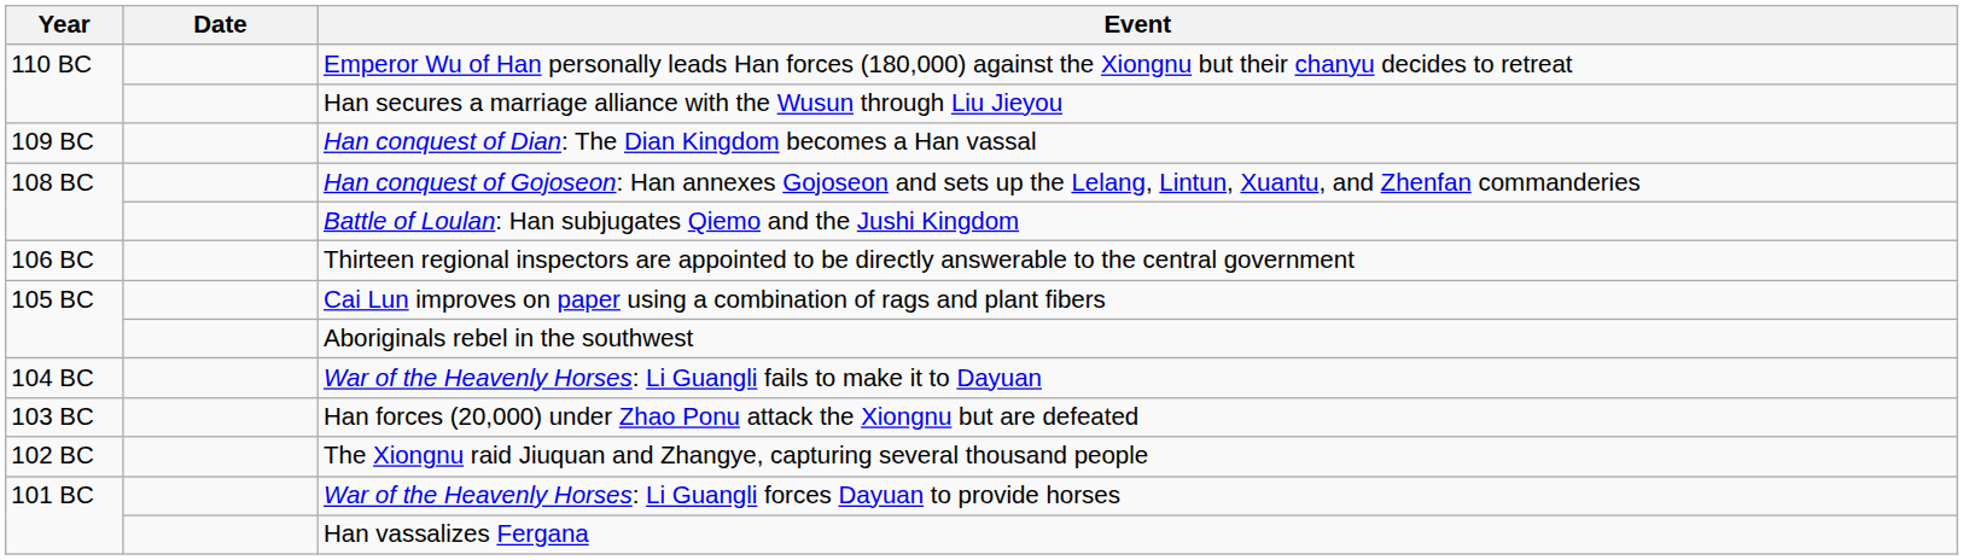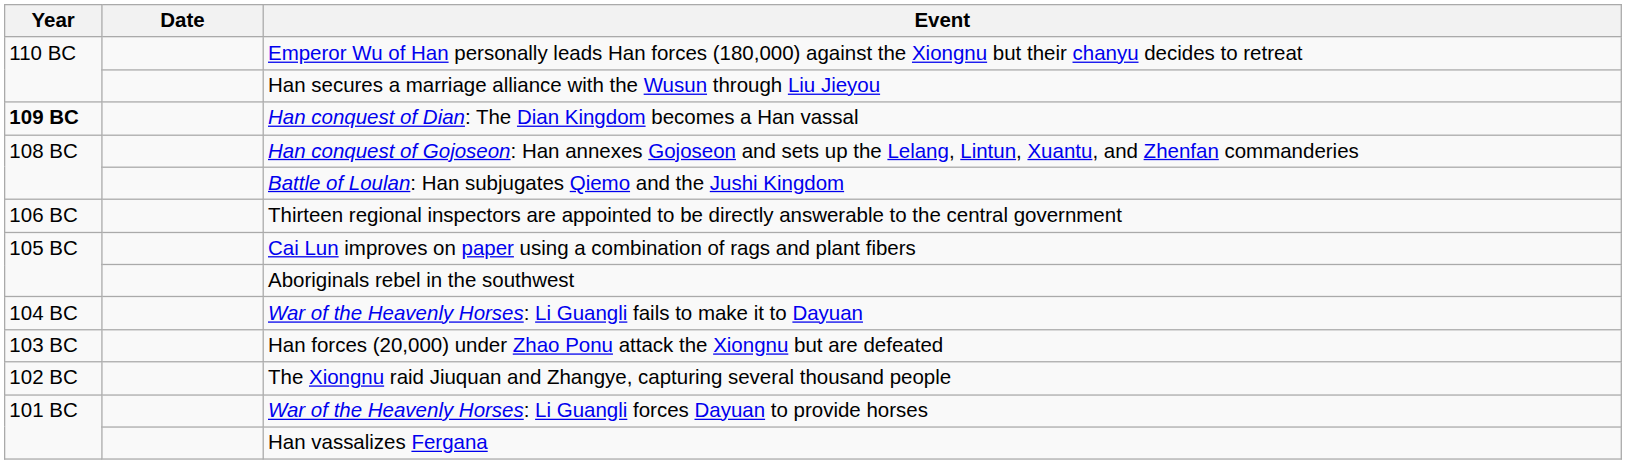 <table class="wikitable" style="width:100%;">
 <tr>
 <th style="width:6%">Year</th>
 <th style="width:10%">Date</th>
 <th>Event</th>
 </tr>
 <tr>
 <td rowspan="2" style="vertical-align:top;">110 BC</td>
 <td></td>
 <td><a href='#'>Emperor Wu of Han</a> personally leads Han forces (180,000) against the <a href='#'>Xiongnu</a> but their <a href='#'>chanyu</a> decides to retreat</td>
 </tr>
 <tr>
 <td></td>
 <td>Han secures a marriage alliance with the <a href='#'>Wusun</a> through <a href='#'>Liu Jieyou</a></td>
 </tr>
 <tr>
-<td>109 BC</td>
+<td><strong>109 BC</strong></td>
 <td></td>
 <td><em><a href='#'>Han conquest of Dian</a></em>: The <a href='#'>Dian Kingdom</a> becomes a Han vassal</td>
 </tr>
 <tr>
 <td rowspan="2" style="vertical-align:top;">108 BC</td>
 <td></td>
 <td><em><a href='#'>Han conquest of Gojoseon</a></em>: Han annexes <a href='#'>Gojoseon</a> and sets up the <a href='#'>Lelang</a>, <a href='#'>Lintun</a>, <a href='#'>Xuantu</a>, and <a href='#'>Zhenfan</a> commanderies</td>
 </tr>
 <tr>
 <td></td>
 <td><em><a href='#'>Battle of Loulan</a></em>: Han subjugates <a href='#'>Qiemo</a> and the <a href='#'>Jushi Kingdom</a></td>
 </tr>
 <tr>
 <td>106 BC</td>
 <td></td>
 <td>Thirteen regional inspectors are appointed to be directly answerable to the central government</td>
 </tr>
 <tr>
 <td rowspan="2" style="vertical-align:top;">105 BC</td>
 <td></td>
 <td><a href='#'>Cai Lun</a> improves on <a href='#'>paper</a> using a combination of rags and plant fibers</td>
 </tr>
 <tr>
 <td></td>
 <td>Aboriginals rebel in the southwest</td>
 </tr>
 <tr>
 <td>104 BC</td>
 <td></td>
 <td><em><a href='#'>War of the Heavenly Horses</a></em>: <a href='#'>Li Guangli</a> fails to make it to <a href='#'>Dayuan</a></td>
 </tr>
 <tr>
 <td>103 BC</td>
 <td></td>
 <td>Han forces (20,000) under <a href='#'>Zhao Ponu</a> attack the <a href='#'>Xiongnu</a> but are defeated</td>
 </tr>
 <tr>
 <td>102 BC</td>
 <td></td>
 <td>The <a href='#'>Xiongnu</a> raid Jiuquan and Zhangye, capturing several thousand people</td>
 </tr>
 <tr>
 <td rowspan="2" style="vertical-align:top;">101 BC</td>
 <td></td>
 <td><em><a href='#'>War of the Heavenly Horses</a></em>: <a href='#'>Li Guangli</a> forces <a href='#'>Dayuan</a> to provide horses</td>
 </tr>
 <tr>
 <td></td>
 <td>Han vassalizes <a href='#'>Fergana</a></td>
 </tr>
 </table>
